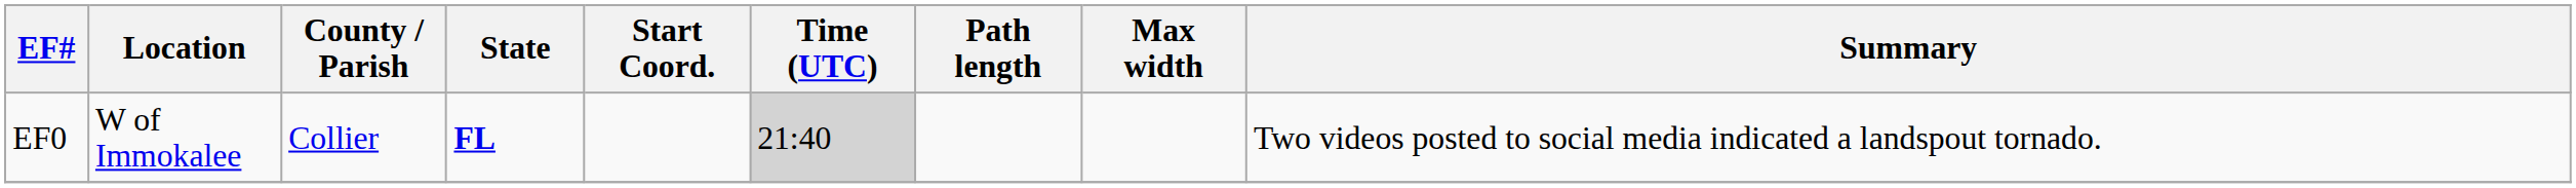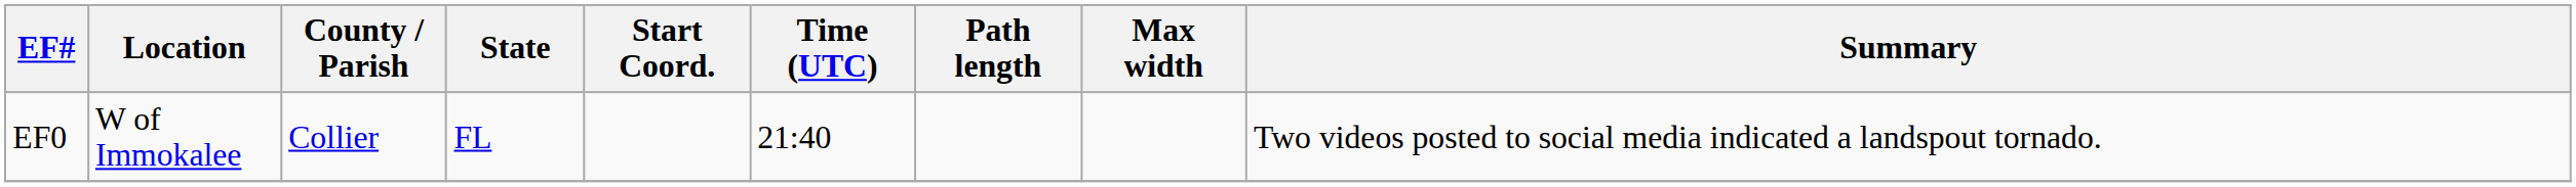 <table class="wikitable sortable" style="width:100%;">
 <tr>
 <th scope="col"  style="width:3%; text-align:center;"><a href='#'>EF#</a></th>
 <th scope="col"  style="width:7%; text-align:center;" class="unsortable">Location</th>
 <th scope="col"  style="width:6%; text-align:center;" class="unsortable">County / Parish</th>
 <th scope="col"  style="width:5%; text-align:center;">State</th>
 <th scope="col"  style="width:6%; text-align:center;">Start Coord.</th>
 <th scope="col"  style="width:6%; text-align:center;">Time (<a href='#'>UTC</a>)</th>
 <th scope="col"  style="width:6%; text-align:center;">Path length</th>
 <th scope="col"  style="width:6%; text-align:center;">Max width</th>
 <th scope="col" class="unsortable" style="width:48%; text-align:center;">Summary</th>
 </tr>
 <tr>
 <td>EF0</td>
 <td>W of <a href='#'>Immokalee</a></td>
 <td><a href='#'>Collier</a></td>
-<td><strong><a href='#'>FL</a></strong></td>
+<td><a href='#'>FL</a></td>
 <td></td>
-<td style="background: lightgrey;">21:40</td>
+<td>21:40</td>
 <td></td>
 <td></td>
 <td>Two videos posted to social media indicated a landspout tornado.</td>
 </tr>
 <tr>
 </tr>
 </table>
